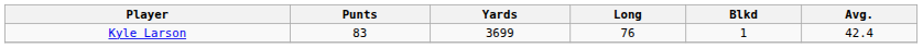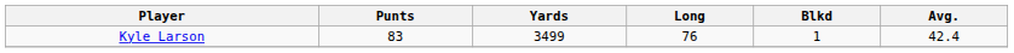 <table class="wikitable" style="text-align:center" width="80%">
 <tr>
 <th>Player</th>
 <th>Punts</th>
 <th>Yards</th>
 <th>Long</th>
 <th>Blkd</th>
 <th>Avg.</th>
 </tr>
 <tr>
 <td><a href='#'>Kyle Larson</a></td>
 <td>83</td>
-<td>3699</td>
+<td>3499</td>
 <td>76</td>
 <td>1</td>
 <td>42.4</td>
 </tr>
 <tr>
 </tr>
 </table>
